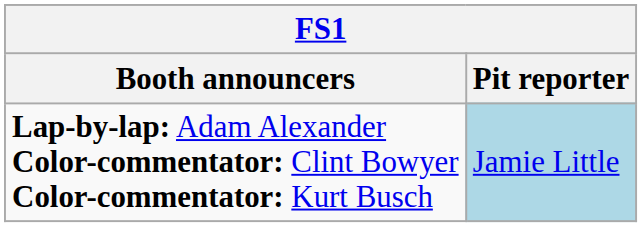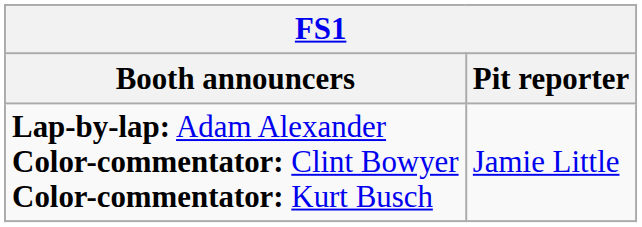 <table class="wikitable">
 <tr>
 <th colspan="2"><a href='#'>FS1</a></th>
 </tr>
 <tr>
 <th>Booth announcers</th>
 <th>Pit reporter</th>
 </tr>
 <tr>
 <td><strong>Lap-by-lap:</strong> <a href='#'>Adam Alexander</a><br><strong>Color-commentator:</strong> <a href='#'>Clint Bowyer</a><br><strong>Color-commentator:</strong> <a href='#'>Kurt Busch</a></td>
-<td style="background: lightblue;"><a href='#'>Jamie Little</a></td>
+<td><a href='#'>Jamie Little</a></td>
 </tr>
 </table>
